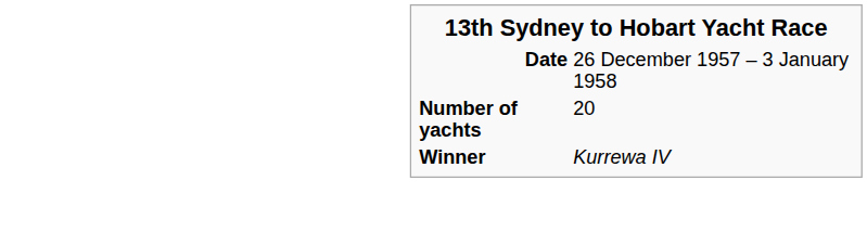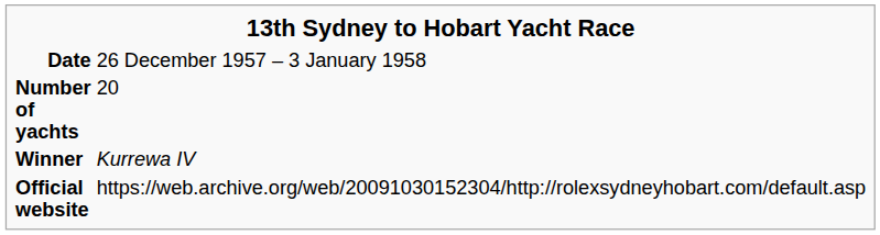 <table class="infobox" style="width: 23em; font-size: 90%">
 <tr>
 <th colspan="2" style="text-align: center; font-size: larger;"><strong>13th Sydney to Hobart Yacht Race</strong></th>
 </tr>
 <tr>
 <td style="text-align: right;"><strong>Date</strong></td>
 <td>26 December 1957 – 3 January 1958</td>
 </tr>
 <tr>
 <td><strong>Number of yachts</strong></td>
 <td>20</td>
 </tr>
 <tr>
 <td><strong>Winner</strong></td>
 <td><em>Kurrewa IV</em></td>
 </tr>
+<tr>
+<td><strong>Official website</strong></td>
+<td>https://web.archive.org/web/20091030152304/http://rolexsydneyhobart.com/default.asp</td>
+</tr>
 </table>
